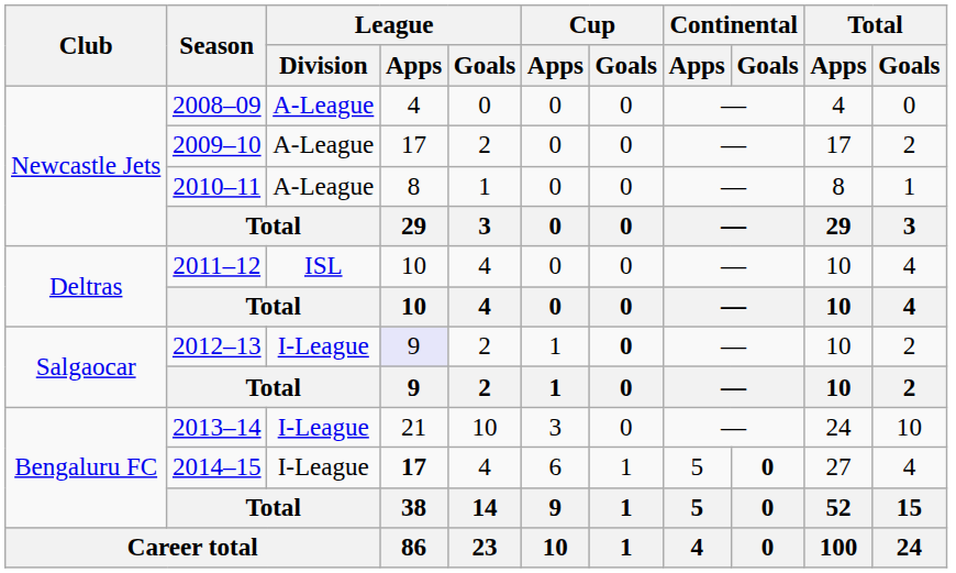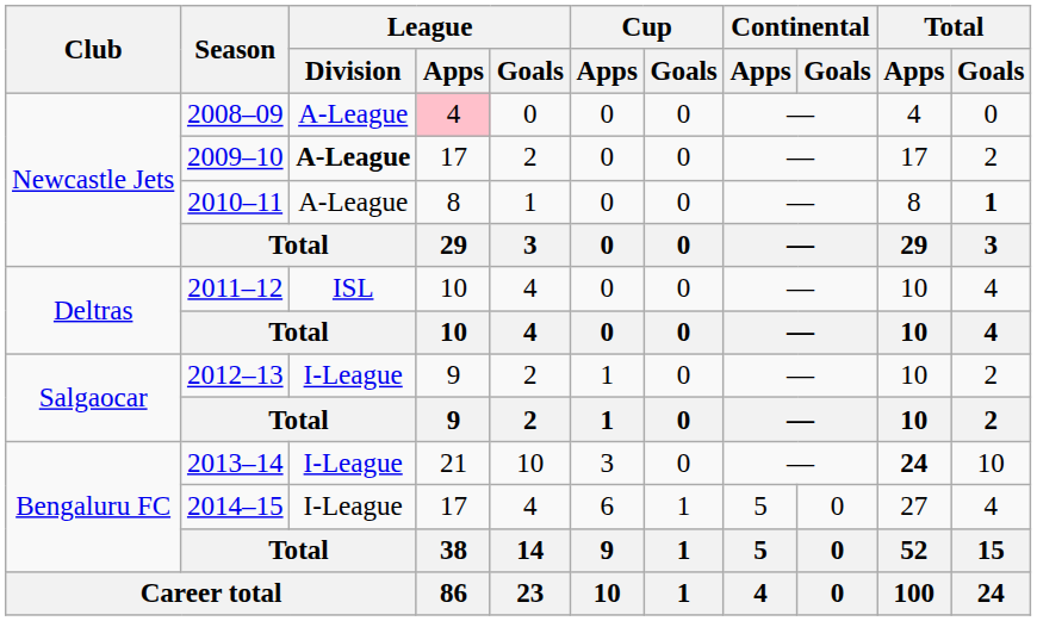 <table class="wikitable" style="text-align: center;">
 <tr>
 <th rowspan="2">Club</th>
 <th rowspan="2">Season</th>
 <th colspan="3">League</th>
 <th colspan="2">Cup</th>
 <th colspan="2">Continental</th>
 <th colspan="2">Total</th>
 </tr>
 <tr>
 <th>Division</th>
 <th>Apps</th>
 <th>Goals</th>
 <th>Apps</th>
 <th>Goals</th>
 <th>Apps</th>
 <th>Goals</th>
 <th>Apps</th>
 <th>Goals</th>
 </tr>
 <tr>
 <td rowspan="4"><a href='#'>Newcastle Jets</a></td>
 <td><a href='#'>2008–09</a></td>
 <td><a href='#'>A-League</a></td>
-<td>4</td>
+<td style="background: pink;">4</td>
 <td>0</td>
 <td>0</td>
 <td>0</td>
 <td colspan="2">—</td>
 <td>4</td>
 <td>0</td>
 </tr>
 <tr>
 <td><a href='#'>2009–10</a></td>
-<td>A-League</td>
+<td><strong>A-League</strong></td>
 <td>17</td>
 <td>2</td>
 <td>0</td>
 <td>0</td>
 <td colspan="2">—</td>
 <td>17</td>
 <td>2</td>
 </tr>
 <tr>
 <td><a href='#'>2010–11</a></td>
 <td>A-League</td>
 <td>8</td>
 <td>1</td>
 <td>0</td>
 <td>0</td>
 <td colspan="2">—</td>
 <td>8</td>
-<td>1</td>
+<td><strong>1</strong></td>
 </tr>
 <tr>
 <th colspan="2">Total</th>
 <th>29</th>
 <th>3</th>
 <th>0</th>
 <th>0</th>
 <th colspan="2">—</th>
 <th>29</th>
 <th>3</th>
 </tr>
 <tr>
 <td rowspan="2"><a href='#'>Deltras</a></td>
 <td><a href='#'>2011–12</a></td>
 <td><a href='#'>ISL</a></td>
 <td>10</td>
 <td>4</td>
 <td>0</td>
 <td>0</td>
 <td colspan="2">—</td>
 <td>10</td>
 <td>4</td>
 </tr>
 <tr>
 <th colspan="2">Total</th>
 <th>10</th>
 <th>4</th>
 <th>0</th>
 <th>0</th>
 <th colspan="2">—</th>
 <th>10</th>
 <th>4</th>
 </tr>
 <tr>
 <td rowspan="2"><a href='#'>Salgaocar</a></td>
 <td><a href='#'>2012–13</a></td>
 <td><a href='#'>I-League</a></td>
-<td style="background: lavender;">9</td>
+<td>9</td>
 <td>2</td>
 <td>1</td>
-<td><strong>0</strong></td>
+<td>0</td>
 <td colspan="2">—</td>
 <td>10</td>
 <td>2</td>
 </tr>
 <tr>
 <th colspan="2">Total</th>
 <th>9</th>
 <th>2</th>
 <th>1</th>
 <th>0</th>
 <th colspan="2">—</th>
 <th>10</th>
 <th>2</th>
 </tr>
 <tr>
 <td rowspan="3"><a href='#'>Bengaluru FC</a></td>
 <td><a href='#'>2013–14</a></td>
 <td rowspan="1"><a href='#'>I-League</a></td>
 <td>21</td>
 <td>10</td>
 <td>3</td>
 <td>0</td>
 <td colspan="2">—</td>
-<td>24</td>
+<td><strong>24</strong></td>
 <td>10</td>
 </tr>
 <tr>
 <td><a href='#'>2014–15</a></td>
 <td rowspan="1">I-League</td>
-<td><strong>17</strong></td>
+<td>17</td>
 <td>4</td>
 <td>6</td>
 <td>1</td>
 <td>5</td>
-<td><strong>0</strong></td>
+<td>0</td>
 <td>27</td>
 <td>4</td>
 </tr>
 <tr>
 <th colspan="2">Total</th>
 <th>38</th>
 <th>14</th>
 <th>9</th>
 <th>1</th>
 <th>5</th>
 <th>0</th>
 <th>52</th>
 <th>15</th>
 </tr>
 <tr>
 <th colspan="3">Career total</th>
 <th>86</th>
 <th>23</th>
 <th>10</th>
 <th>1</th>
 <th>4</th>
 <th>0</th>
 <th>100</th>
 <th>24</th>
 </tr>
 </table>
